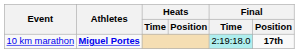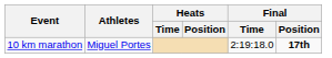 <table class="wikitable" border="1" style="font-size:90%">
 <tr>
 <th rowspan=2>Event</th>
 <th rowspan=2>Athletes</th>
 <th colspan=2>Heats</th>
 <th colspan=2>Final</th>
 </tr>
 <tr>
 <th>Time</th>
 <th>Position</th>
 <th>Time</th>
 <th>Position</th>
 </tr>
 <tr>
 <td><a href='#'>10 km marathon</a></td>
-<td><strong><a href='#'>Miguel Portes</a></strong></td>
+<td><a href='#'>Miguel Portes</a></td>
 <td colspan=2 bgcolor=wheat></td>
-<td align=center style="background: paleturquoise;">2:19:18.0</td>
+<td align=center>2:19:18.0</td>
 <td align=center><strong>17th</strong></td>
 </tr>
 </table>
